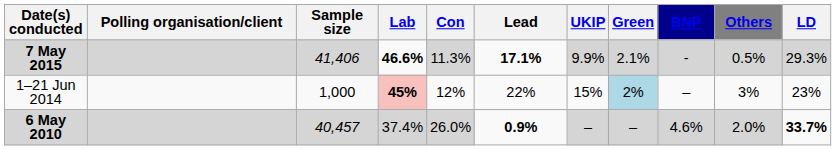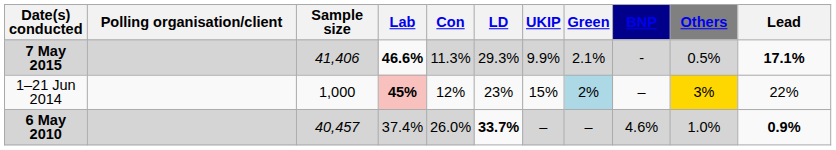 <table class="wikitable sortable" style="text-align:center;font-size:90%;line-height:14px">
 <tr>
 <th ! style="width:75px;">Date(s)<br>conducted</th>
 <th style="width:200px;">Polling organisation/client</th>
 <th class="unsortable" style="width:75px;">Sample size</th>
 <th class="unsortable" style="background:"><a href='#'><span>Lab</span></a></th>
 <th class="unsortable" style="background:"><a href='#'><span>Con</span></a></th>
-<th class="unsortable" style="width:85px;">Lead</th>
+<th class="unsortable" style="background:"><a href='#'><span>LD</span></a></th>
 <th class="unsortable" style="background:"><a href='#'><span>UKIP</span></a></th>
 <th class="unsortable" style="background:"><a href='#'><span>Green</span></a></th>
 <th class="unsortable" style="background:#00008B; text-color:white; width:50px;"><a href='#'><span>BNP</span></a></th>
 <th class="unsortable" style="background:gray; width:60px;"><a href='#'><span>Others</span></a></th>
-<th class="unsortable" style="background:"><a href='#'><span>LD</span></a></th>
+<th class="unsortable" style="width:85px;">Lead</th>
 </tr>
 <tr>
 <td style="background:#D5D5D5"><strong>7 May 2015</strong></td>
 <td style="background:#D5D5D5"></td>
 <td style="background:#D5D5D5"><em>41,406</em></td>
 <td style="background:"><strong>46.6%</strong></td>
 <td style="background:#D5D5D5">11.3%</td>
-<td style="background:"><strong>17.1% </strong></td>
+<td style="background:#D5D5D5">29.3%</td>
 <td style="background:#D5D5D5">9.9%</td>
 <td style="background:#D5D5D5">2.1%</td>
 <td style="background:#D5D5D5">-</td>
 <td style="background:#D5D5D5">0.5%</td>
-<td style="background:#D5D5D5">29.3%</td>
+<td style="background:"><strong>17.1% </strong></td>
 </tr>
 <tr>
 <td>1–21 Jun 2014</td>
 <td></td>
 <td>1,000</td>
 <td style="background:#F8C1BE"><strong>45%</strong></td>
 <td>12%</td>
-<td style="background:">22%</td>
+<td>23%</td>
 <td>15%</td>
 <td style="background: lightblue;">2%</td>
 <td>–</td>
-<td>3%</td>
-<td>23%</td>
+<td style="background: gold;">3%</td>
+<td style="background:">22%</td>
 </tr>
 <tr>
 <td style="background:#D5D5D5"><strong>6 May 2010</strong></td>
 <td style="background:#D5D5D5"></td>
 <td style="background:#D5D5D5"><em>40,457</em></td>
 <td style="background:#D5D5D5">37.4%</td>
 <td style="background:#D5D5D5">26.0%</td>
-<td style="background:"><strong>0.9% </strong></td>
+<td style="background:"><strong>33.7%</strong></td>
 <td style="background:#D5D5D5">–</td>
 <td style="background:#D5D5D5">–</td>
 <td style="background:#D5D5D5">4.6%</td>
-<td style="background:#D5D5D5">2.0%</td>
-<td style="background:"><strong>33.7%</strong></td>
+<td style="background:#D5D5D5">1.0%</td>
+<td style="background:"><strong>0.9% </strong></td>
 </tr>
 </table>
